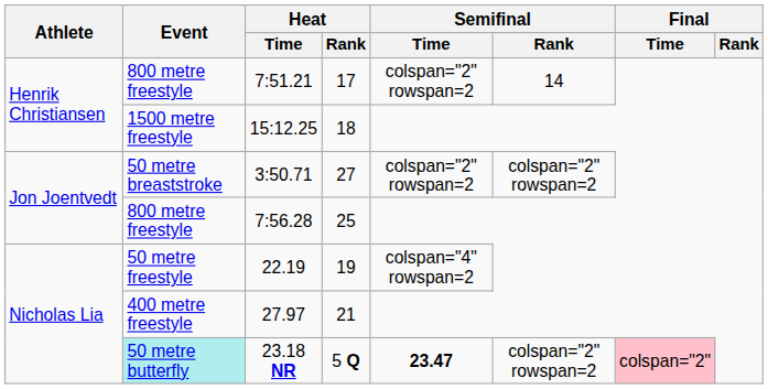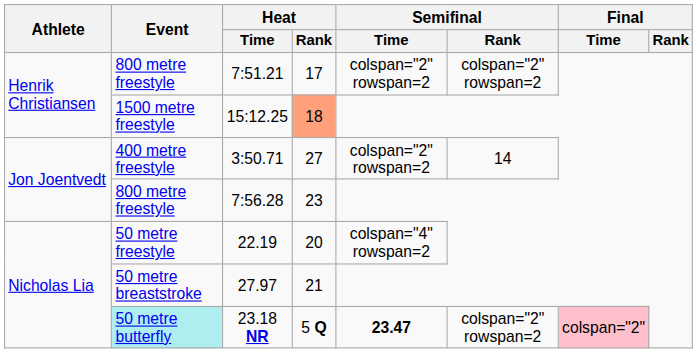 <table class="wikitable" style="text-align:center; font-size:90%; width:50%;">
 <tr>
 <th rowspan="2">Athlete</th>
 <th rowspan="2">Event</th>
 <th colspan="2">Heat</th>
 <th colspan="2">Semifinal</th>
 <th colspan="2">Final</th>
 </tr>
 <tr style="font-size:95%">
 <th>Time</th>
 <th>Rank</th>
 <th>Time</th>
 <th>Rank</th>
 <th>Time</th>
 <th>Rank</th>
 </tr>
 <tr align=center>
 <td align=left rowspan=2><a href='#'>Henrik Christiansen</a></td>
 <td align=left><a href='#'>800 metre freestyle</a></td>
 <td>7:51.21</td>
 <td>17</td>
 <td>colspan="2" rowspan=2 </td>
-<td>14</td>
+<td>colspan="2" rowspan=2 </td>
 </tr>
 <tr align=center>
 <td align=left><a href='#'>1500 metre freestyle</a></td>
 <td>15:12.25</td>
-<td>18</td>
+<td style="background: lightsalmon;">18</td>
 </tr>
 <tr align=center>
 <td align=left rowspan="2"><a href='#'>Jon Joentvedt</a></td>
-<td align=left><a href='#'>50 metre breaststroke</a></td>
+<td align=left><a href='#'>400 metre freestyle</a></td>
 <td>3:50.71</td>
 <td>27</td>
 <td>colspan="2" rowspan=2 </td>
-<td>colspan="2" rowspan=2 </td>
+<td>14</td>
 </tr>
 <tr align=center>
 <td align=left><a href='#'>800 metre freestyle</a></td>
 <td>7:56.28</td>
-<td>25</td>
+<td>23</td>
 </tr>
 <tr align=center>
 <td align=left rowspan="3"><a href='#'>Nicholas Lia</a></td>
 <td align=left><a href='#'>50 metre freestyle</a></td>
 <td>22.19</td>
-<td>19</td>
+<td>20</td>
 <td>colspan="4" rowspan=2 </td>
 </tr>
 <tr align=center>
-<td align=left><a href='#'>400 metre freestyle</a></td>
+<td align=left><a href='#'>50 metre breaststroke</a></td>
 <td>27.97</td>
 <td>21</td>
 </tr>
 <tr align=center>
 <td align=left style="background: paleturquoise;"><a href='#'>50 metre butterfly</a></td>
 <td>23.18 <strong><a href='#'>NR</a></strong></td>
 <td>5 <strong>Q</strong></td>
 <td><strong>23.47</strong></td>
 <td>colspan="2" rowspan=2 </td>
 <td style="background: pink;">colspan="2" </td>
 </tr>
 </table>
